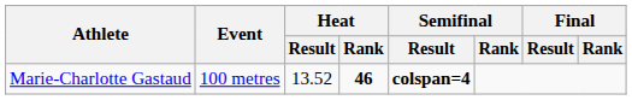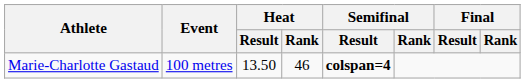 <table class="wikitable" style="font-size:90%">
 <tr>
 <th rowspan="2">Athlete</th>
 <th rowspan="2">Event</th>
 <th colspan="2">Heat</th>
 <th colspan="2">Semifinal</th>
 <th colspan="2">Final</th>
 </tr>
 <tr style="font-size:95%">
 <th>Result</th>
 <th>Rank</th>
 <th>Result</th>
 <th>Rank</th>
 <th>Result</th>
 <th>Rank</th>
 </tr>
 <tr style=text-align:center>
 <td style=text-align:left><a href='#'>Marie-Charlotte Gastaud</a></td>
 <td style=text-align:left rowspan=4><a href='#'>100 metres</a></td>
-<td>13.52</td>
-<td><strong>46</strong></td>
+<td>13.50</td>
+<td>46</td>
 <td><strong>colspan=4 </strong></td>
 </tr>
 </table>
